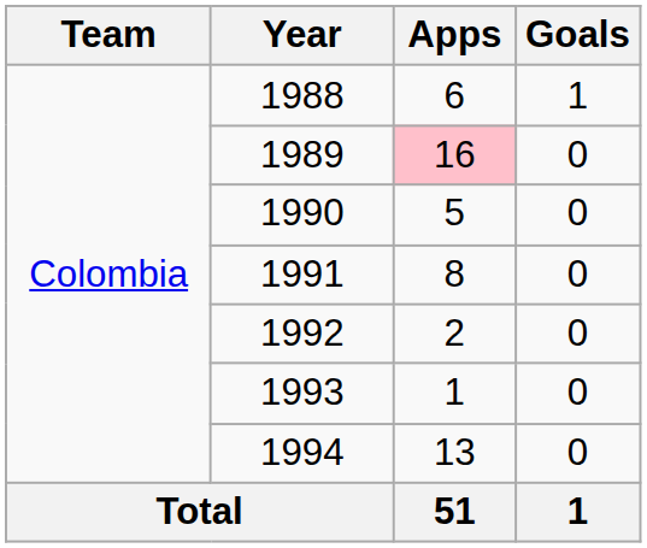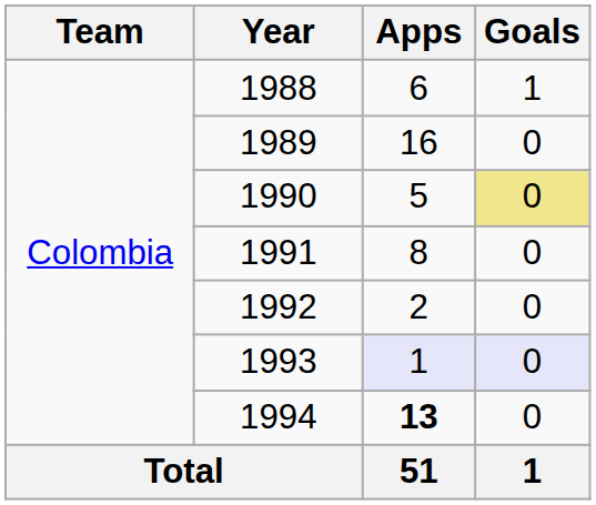 <table class="wikitable" style="text-align: center;">
 <tr>
 <th width="80">Team</th>
 <th width="70">Year</th>
 <th width="45">Apps</th>
 <th width="45">Goals</th>
 </tr>
 <tr>
 <td rowspan="7"><a href='#'>Colombia</a></td>
 <td>1988</td>
 <td>6</td>
 <td>1</td>
 </tr>
 <tr>
 <td>1989</td>
-<td style="background: pink;">16</td>
+<td>16</td>
 <td>0</td>
 </tr>
 <tr>
 <td>1990</td>
 <td>5</td>
-<td>0</td>
+<td style="background: khaki;">0</td>
 </tr>
 <tr>
 <td>1991</td>
 <td>8</td>
 <td>0</td>
 </tr>
 <tr>
 <td>1992</td>
 <td>2</td>
 <td>0</td>
 </tr>
 <tr>
 <td>1993</td>
-<td>1</td>
-<td>0</td>
+<td style="background: lavender;">1</td>
+<td style="background: lavender;">0</td>
 </tr>
 <tr>
 <td>1994</td>
-<td>13</td>
+<td><strong>13</strong></td>
 <td>0</td>
 </tr>
 <tr>
 <th colspan=2>Total</th>
 <th>51</th>
 <th>1</th>
 </tr>
 </table>
